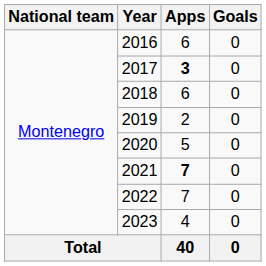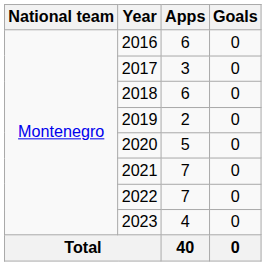 <table class="wikitable" style="text-align:center">
 <tr>
 <th>National team</th>
 <th>Year</th>
 <th>Apps</th>
 <th>Goals</th>
 </tr>
 <tr>
 <td rowspan="8"><a href='#'>Montenegro</a></td>
 <td>2016</td>
 <td>6</td>
 <td>0</td>
 </tr>
 <tr>
 <td>2017</td>
-<td><strong>3</strong></td>
+<td>3</td>
 <td>0</td>
 </tr>
 <tr>
 <td>2018</td>
 <td>6</td>
 <td>0</td>
 </tr>
 <tr>
 <td>2019</td>
 <td>2</td>
 <td>0</td>
 </tr>
 <tr>
 <td>2020</td>
 <td>5</td>
 <td>0</td>
 </tr>
 <tr>
 <td>2021</td>
-<td><strong>7</strong></td>
+<td>7</td>
 <td>0</td>
 </tr>
 <tr>
 <td>2022</td>
 <td>7</td>
 <td>0</td>
 </tr>
 <tr>
 <td>2023</td>
 <td>4</td>
 <td>0</td>
 </tr>
 <tr>
 <th colspan="2">Total</th>
 <th>40</th>
 <th>0</th>
 </tr>
 </table>
